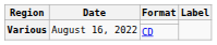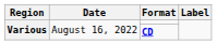 <table class="wikitable plainrowheaders">
 <tr>
 <th>Region</th>
 <th>Date</th>
 <th>Format</th>
 <th>Label</th>
 </tr>
 <tr>
 <th scope="row" rowspan="2">Various</th>
 <td rowspan="2">August 16, 2022</td>
 <td></td>
 <td rowspan="2"></td>
 </tr>
 <tr>
-<td><a href='#'>CD</a></td>
+<td><strong><a href='#'>CD</a></strong></td>
 </tr>
 </table>
